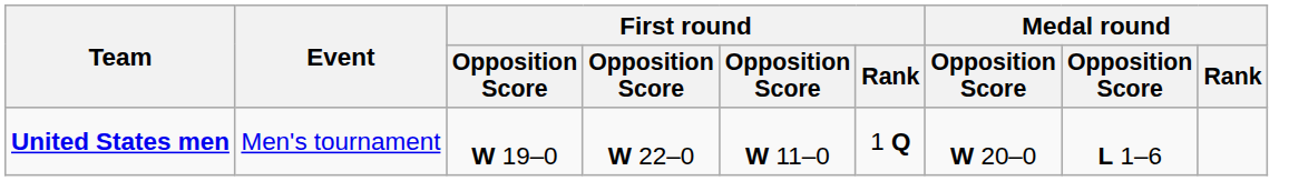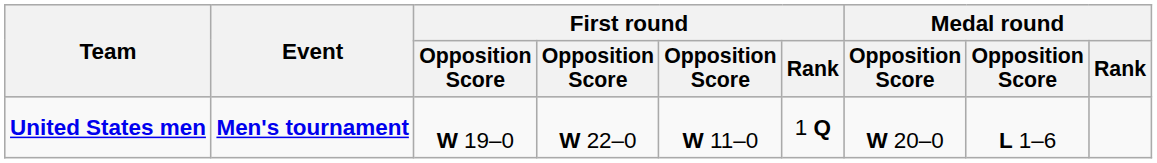 <table class=wikitable style=font-size:90%;text-align:center>
 <tr>
 <th rowspan=2>Team</th>
 <th rowspan=2>Event</th>
 <th colspan=4>First round</th>
 <th colspan=3>Medal round</th>
 </tr>
 <tr style=font-size:95%>
 <th>Opposition<br>Score</th>
 <th>Opposition<br>Score</th>
 <th>Opposition<br>Score</th>
 <th>Rank</th>
 <th>Opposition<br>Score</th>
 <th>Opposition<br>Score</th>
 <th>Rank</th>
 </tr>
 <tr>
 <td align=left><strong><a href='#'>United States men</a></strong></td>
-<td align=left><a href='#'>Men's tournament</a></td>
+<td align=left><strong><a href='#'>Men's tournament</a></strong></td>
 <td><br><strong>W</strong> 19–0</td>
 <td><br><strong>W</strong> 22–0</td>
 <td><br><strong>W</strong> 11–0</td>
 <td>1 <strong>Q</strong></td>
 <td><br><strong>W</strong> 20–0</td>
 <td><br><strong>L</strong> 1–6</td>
 <td></td>
 </tr>
 </table>
